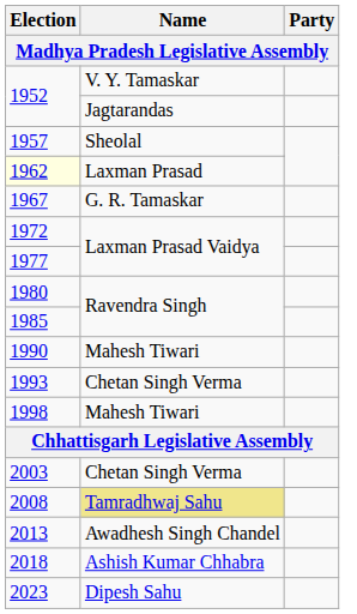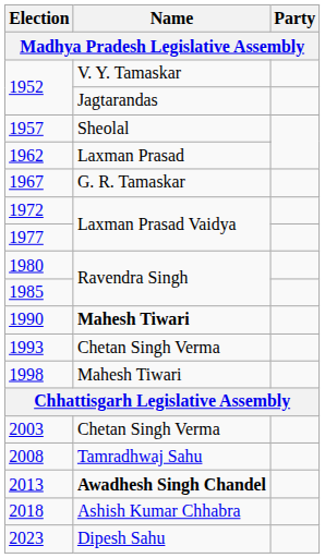 <table class="wikitable sortable">
 <tr>
 <th>Election</th>
 <th>Name</th>
 <th colspan="2">Party</th>
 </tr>
 <tr>
 <th colspan=4><a href='#'>Madhya Pradesh Legislative Assembly</a></th>
 </tr>
 <tr>
 <td rowspan="2"><a href='#'>1952</a></td>
 <td>V. Y. Tamaskar</td>
 <td></td>
 </tr>
 <tr>
 <td>Jagtarandas</td>
 <td></td>
 </tr>
 <tr>
 <td rowspan="2"><a href='#'>1957</a></td>
 <td>Sheolal</td>
 </tr>
 <tr>
 <td rowspan="2">Laxman Prasad</td>
 </tr>
 <tr>
-<td style="background: lightyellow;"><a href='#'>1962</a></td>
+<td><a href='#'>1962</a></td>
 </tr>
 <tr>
 <td><a href='#'>1967</a></td>
 <td>G. R. Tamaskar</td>
 <td></td>
 </tr>
 <tr>
 <td><a href='#'>1972</a></td>
 <td rowspan="2">Laxman Prasad Vaidya</td>
 <td></td>
 </tr>
 <tr>
 <td><a href='#'>1977</a></td>
 </tr>
 <tr>
 <td><a href='#'>1980</a></td>
 <td rowspan="2">Ravendra Singh</td>
 <td></td>
 </tr>
 <tr>
 <td><a href='#'>1985</a></td>
 <td></td>
 </tr>
 <tr>
 <td><a href='#'>1990</a></td>
-<td>Mahesh Tiwari</td>
+<td><strong>Mahesh Tiwari</strong></td>
 <td></td>
 </tr>
 <tr>
 <td><a href='#'>1993</a></td>
 <td>Chetan Singh Verma</td>
 <td></td>
 </tr>
 <tr>
 <td><a href='#'>1998</a></td>
 <td>Mahesh Tiwari</td>
 <td></td>
 </tr>
 <tr>
 <th colspan=4><a href='#'>Chhattisgarh Legislative Assembly</a></th>
 </tr>
 <tr>
 <td><a href='#'>2003</a></td>
 <td>Chetan Singh Verma</td>
 <td></td>
 </tr>
 <tr>
 <td><a href='#'>2008</a></td>
-<td style="background: khaki;"><a href='#'>Tamradhwaj Sahu</a></td>
+<td><a href='#'>Tamradhwaj Sahu</a></td>
 </tr>
 <tr>
 <td><a href='#'>2013</a></td>
-<td>Awadhesh Singh Chandel</td>
+<td><strong>Awadhesh Singh Chandel</strong></td>
 <td></td>
 </tr>
 <tr>
 <td><a href='#'>2018</a></td>
 <td><a href='#'>Ashish Kumar Chhabra</a></td>
 <td></td>
 </tr>
 <tr>
 <td><a href='#'>2023</a></td>
 <td><a href='#'>Dipesh Sahu</a></td>
 <td></td>
 </tr>
 </table>
